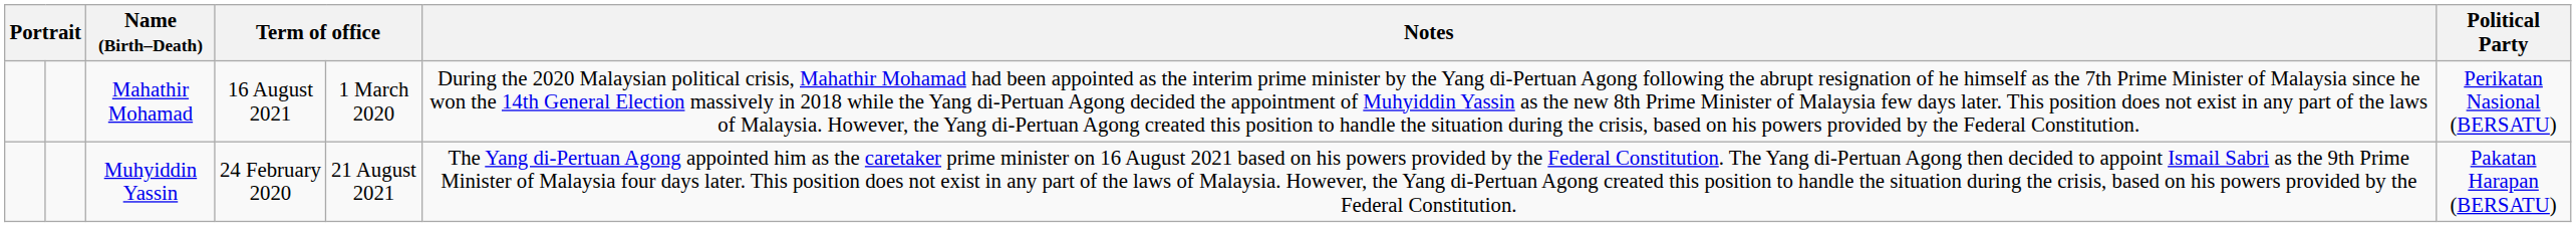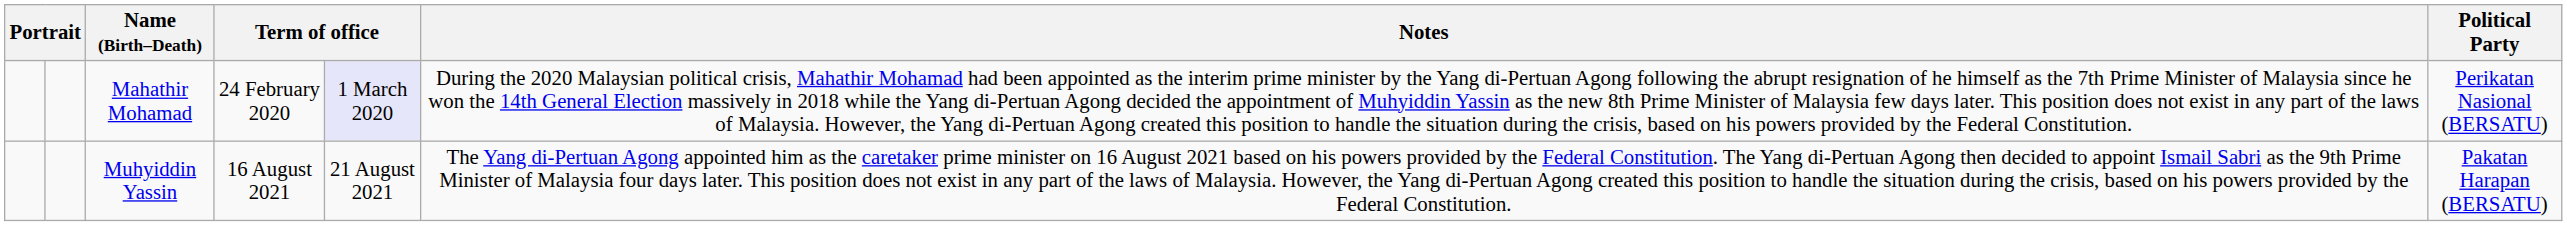 <table class="wikitable" style="text-align:center">
 <tr>
 <th colspan="2">Portrait</th>
 <th>Name<br><small>(Birth–Death)</small></th>
 <th colspan="2">Term of office</th>
 <th>Notes</th>
 <th>Political Party</th>
 </tr>
 <tr>
 <td></td>
 <td></td>
 <td><a href='#'>Mahathir Mohamad</a> <br> </td>
-<td>16 August 2021</td>
-<td>1 March 2020</td>
+<td>24 February 2020</td>
+<td style="background: lavender;">1 March 2020</td>
 <td>During the 2020 Malaysian political crisis, <a href='#'>Mahathir Mohamad</a> had been appointed as the interim prime minister by the Yang di-Pertuan Agong following the abrupt resignation of he himself as the 7th Prime Minister of Malaysia since he won the <a href='#'>14th General Election</a> massively in 2018 while the Yang di-Pertuan Agong decided the appointment of <a href='#'>Muhyiddin Yassin</a> as the new 8th Prime Minister of Malaysia few days later. This position does not exist in any part of the laws of Malaysia. However, the Yang di-Pertuan Agong created this position to handle the situation during the crisis, based on his powers provided by the Federal Constitution.</td>
 <td><a href='#'>Perikatan Nasional</a> <br>  (<a href='#'>BERSATU</a>)</td>
 </tr>
 <tr>
 <td></td>
 <td></td>
 <td><a href='#'>Muhyiddin Yassin</a> <br> </td>
-<td>24 February 2020</td>
+<td>16 August 2021</td>
 <td>21 August 2021</td>
 <td>The <a href='#'>Yang di-Pertuan Agong</a> appointed him as the <a href='#'>caretaker</a> prime minister on 16 August 2021 based on his powers provided by the <a href='#'>Federal Constitution</a>. The Yang di-Pertuan Agong then decided to appoint <a href='#'>Ismail Sabri</a> as the 9th Prime Minister of Malaysia four days later. This position does not exist in any part of the laws of Malaysia. However, the Yang di-Pertuan Agong created this position to handle the situation during the crisis, based on his powers provided by the Federal Constitution.</td>
 <td><a href='#'>Pakatan Harapan</a> <br>  (<a href='#'>BERSATU</a>)</td>
 </tr>
 </table>
